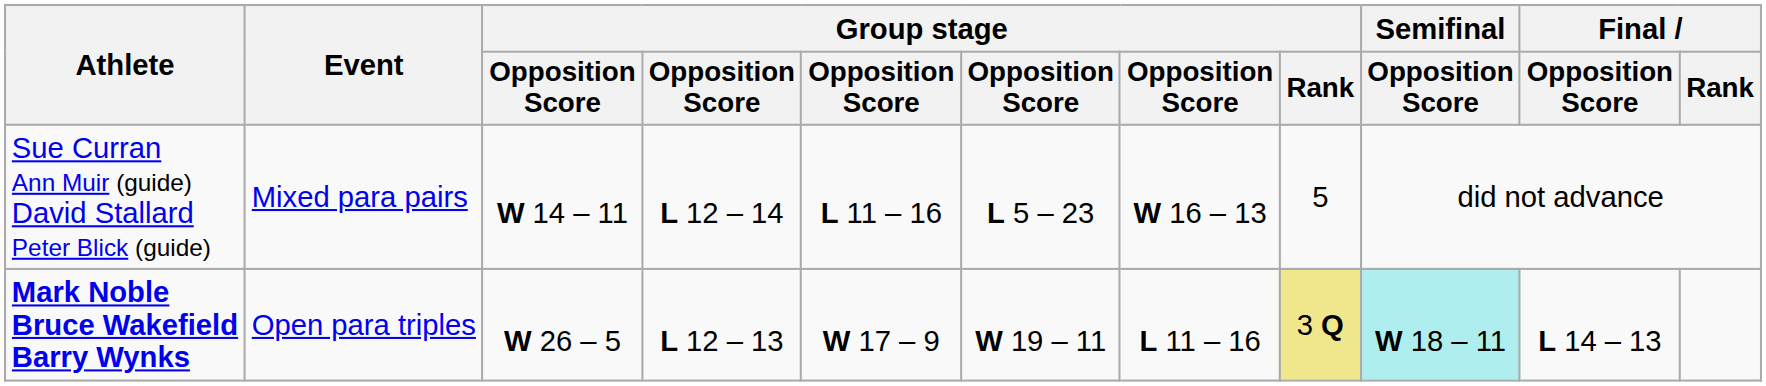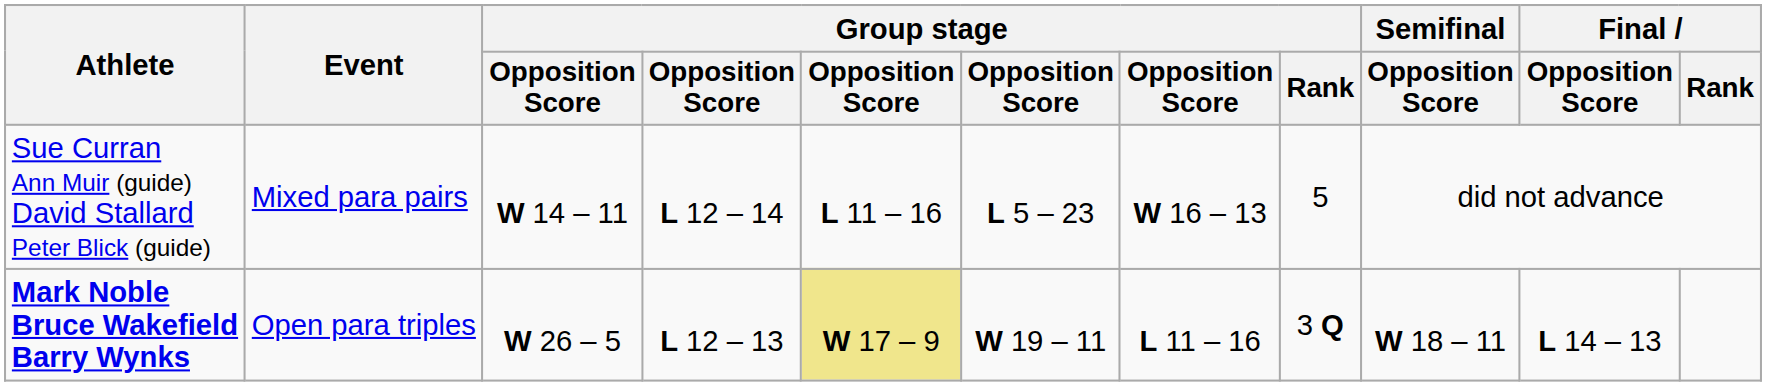 <table class=wikitable style="font-size:90%;text-align:center">
 <tr>
 <th rowspan="2">Athlete</th>
 <th rowspan="2">Event</th>
 <th colspan=6>Group stage</th>
 <th>Semifinal</th>
 <th colspan=2>Final / </th>
 </tr>
 <tr style="font-size:95%">
 <th>Opposition<br>Score</th>
 <th>Opposition<br>Score</th>
 <th>Opposition<br>Score</th>
 <th>Opposition<br>Score</th>
 <th>Opposition<br>Score</th>
 <th>Rank</th>
 <th>Opposition<br>Score</th>
 <th>Opposition<br>Score</th>
 <th>Rank</th>
 </tr>
 <tr>
 <td style="text-align:left;"><a href='#'>Sue Curran</a><br><small><a href='#'>Ann Muir</a> (guide)</small><br><a href='#'>David Stallard</a><br><small><a href='#'>Peter Blick</a> (guide)</small></td>
 <td style="text-align:left;"><a href='#'>Mixed para pairs</a></td>
 <td><br><strong>W</strong> 14 – 11</td>
 <td><br><strong>L</strong> 12 – 14</td>
 <td><br><strong>L</strong> 11 – 16</td>
 <td><br><strong>L</strong> 5 – 23</td>
 <td><br><strong>W</strong> 16 – 13</td>
 <td>5</td>
 <td colspan=3>did not advance</td>
 </tr>
 <tr>
 <td style="text-align:left;"><strong><a href='#'>Mark Noble</a><br><a href='#'>Bruce Wakefield</a><br><a href='#'>Barry Wynks</a></strong></td>
 <td style="text-align:left;"><a href='#'>Open para triples</a></td>
 <td><br><strong>W</strong> 26 – 5</td>
 <td><br><strong>L</strong> 12 – 13</td>
-<td><br><strong>W</strong> 17 – 9</td>
+<td style="background: khaki;"><br><strong>W</strong> 17 – 9</td>
 <td><br><strong>W</strong> 19 – 11</td>
 <td><br><strong>L</strong> 11 – 16</td>
-<td style="background: khaki;">3 <strong>Q</strong></td>
-<td style="background: paleturquoise;"><br><strong>W</strong> 18 – 11</td>
+<td>3 <strong>Q</strong></td>
+<td><br><strong>W</strong> 18 – 11</td>
 <td><br><strong>L</strong> 14 – 13</td>
 <td></td>
 </tr>
 </table>
